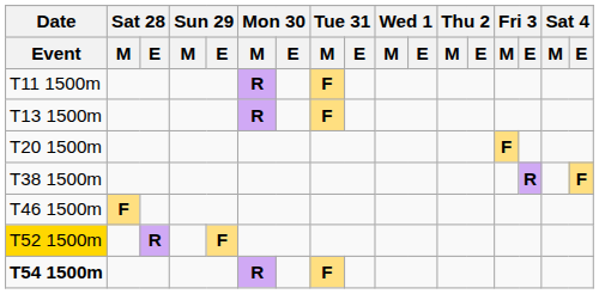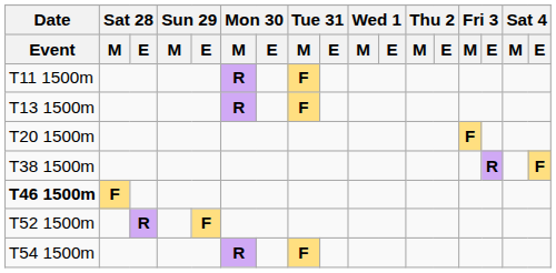 <table class="wikitable" style="margin:0.5em auto; font-size:90%; line-height:1.25em;">
 <tr align="center">
 </tr>
 <tr>
 <th>Date</th>
 <th colspan="2">Sat 28</th>
 <th colspan="2">Sun 29</th>
 <th colspan="2">Mon 30</th>
 <th colspan="2">Tue 31</th>
 <th colspan="2">Wed 1</th>
 <th colspan="2">Thu 2</th>
 <th colspan="2">Fri 3</th>
 <th colspan="2">Sat 4</th>
 </tr>
 <tr>
 <th>Event</th>
 <th>M</th>
 <th>E</th>
 <th>M</th>
 <th>E</th>
 <th>M</th>
 <th>E</th>
 <th>M</th>
 <th>E</th>
 <th>M</th>
 <th>E</th>
 <th>M</th>
 <th>E</th>
 <th>M</th>
 <th>E</th>
 <th>M</th>
 <th>E</th>
 </tr>
 <tr align="center">
 <td align="left">T11 1500m</td>
 <td colspan="2"></td>
 <td colspan="2"></td>
 <td bgcolor="#D0A9F5"><strong>R</strong></td>
 <td></td>
 <td bgcolor="#FFDF80"><strong>F</strong></td>
 <td></td>
 <td colspan="2"></td>
 <td colspan="2"></td>
 <td colspan="2"></td>
 <td colspan="2"></td>
 </tr>
 <tr align="center">
 <td align="left">T13 1500m</td>
 <td colspan="2"></td>
 <td colspan="2"></td>
 <td bgcolor="#D0A9F5"><strong>R</strong></td>
 <td></td>
 <td bgcolor="#FFDF80"><strong>F</strong></td>
 <td></td>
 <td colspan="2"></td>
 <td colspan="2"></td>
 <td colspan="2"></td>
 <td colspan="2"></td>
 </tr>
 <tr align="center">
 <td align="left">T20 1500m</td>
 <td colspan="2"></td>
 <td colspan="2"></td>
 <td colspan="2"></td>
 <td colspan="2"></td>
 <td colspan="2"></td>
 <td colspan="2"></td>
 <td bgcolor="#FFDF80"><strong>F</strong></td>
 <td></td>
 <td colspan="2"></td>
 </tr>
 <tr align="center">
 <td align="left">T38 1500m</td>
 <td colspan="2"></td>
 <td colspan="2"></td>
 <td colspan="2"></td>
 <td colspan="2"></td>
 <td colspan="2"></td>
 <td colspan="2"></td>
 <td></td>
 <td bgcolor="#D0A9F5"><strong>R</strong></td>
 <td></td>
 <td bgcolor="#FFDF80"><strong>F</strong></td>
 </tr>
 <tr align="center">
-<td align="left">T46 1500m</td>
+<td align="left"><strong>T46 1500m</strong></td>
 <td bgcolor="#FFDF80"><strong>F</strong></td>
 <td></td>
 <td colspan="2"></td>
 <td colspan="2"></td>
 <td colspan="2"></td>
 <td colspan="2"></td>
 <td colspan="2"></td>
 <td colspan="2"></td>
 <td colspan="2"></td>
 </tr>
 <tr align="center">
-<td align="left" style="background: gold;">T52 1500m</td>
+<td align="left">T52 1500m</td>
 <td></td>
 <td bgcolor="#D0A9F5"><strong>R</strong></td>
 <td></td>
 <td bgcolor="#FFDF80"><strong>F</strong></td>
 <td colspan="2"></td>
 <td colspan="2"></td>
 <td colspan="2"></td>
 <td colspan="2"></td>
 <td colspan="2"></td>
 <td colspan="2"></td>
 </tr>
 <tr align="center">
-<td align="left"><strong>T54 1500m</strong></td>
+<td align="left">T54 1500m</td>
 <td colspan="2"></td>
 <td colspan="2"></td>
 <td bgcolor="#D0A9F5"><strong>R</strong></td>
 <td></td>
 <td bgcolor="#FFDF80"><strong>F</strong></td>
 <td></td>
 <td colspan="2"></td>
 <td colspan="2"></td>
 <td colspan="2"></td>
 <td colspan="2"></td>
 </tr>
 </table>
